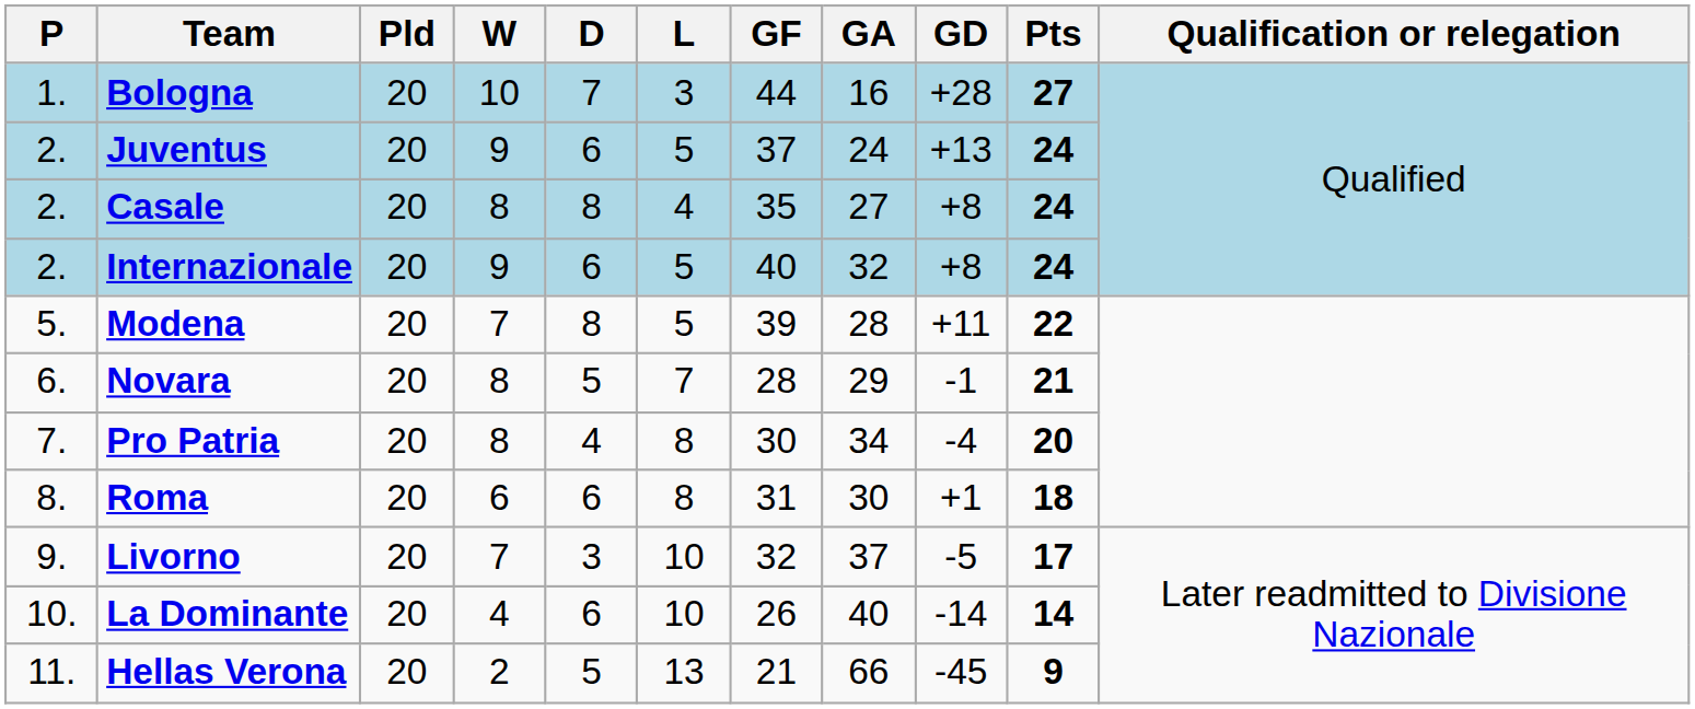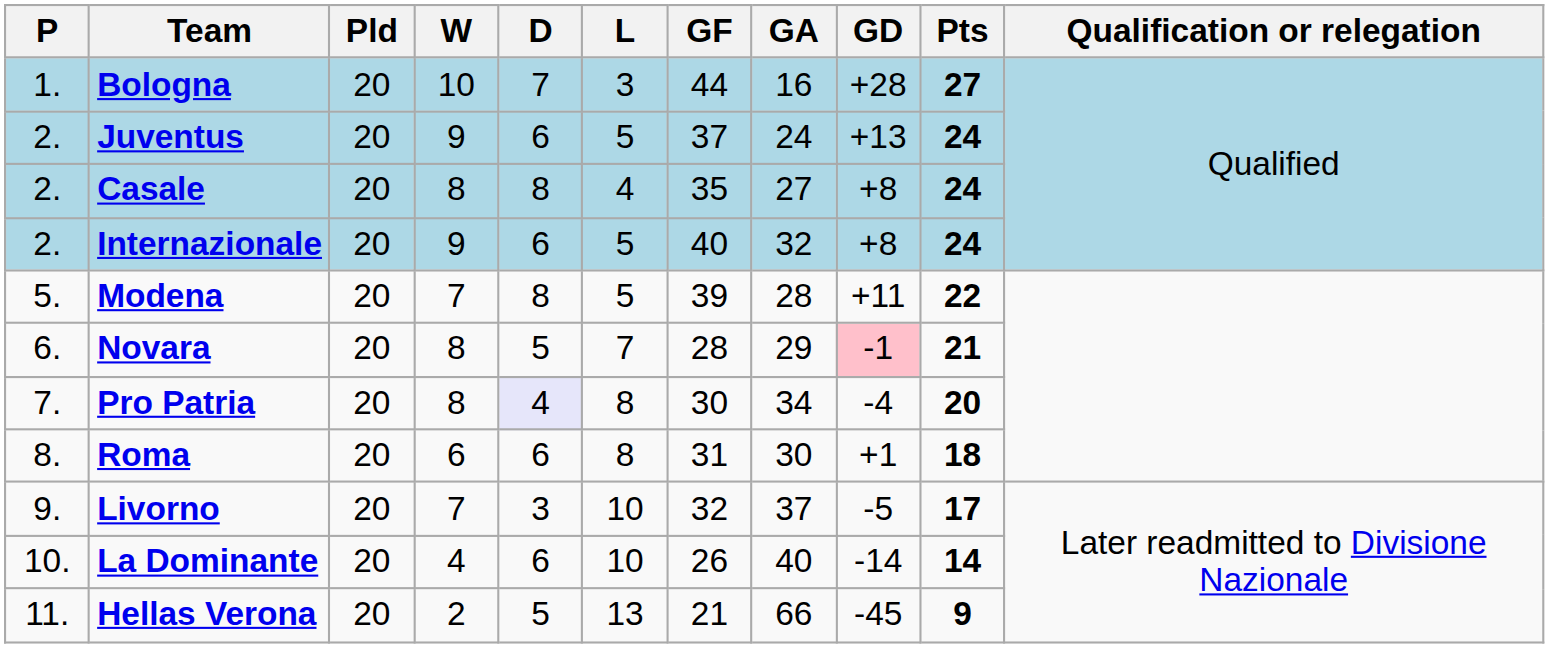 <table class="wikitable sortable" style="text-align: center;">
 <tr>
 <th width=33>P<br></th>
 <th>Team<br></th>
 <th width=33>Pld<br></th>
 <th width=33>W<br></th>
 <th width=33>D<br></th>
 <th width=33>L<br></th>
 <th width=33>GF<br></th>
 <th width=33>GA<br></th>
 <th width=33>GD<br></th>
 <th width=33>Pts<br></th>
 <th class="unsortable" width=250>Qualification or relegation<br></th>
 </tr>
 <tr style="background: lightblue;">
 <td>1.</td>
 <td align="left"><strong><a href='#'>Bologna</a></strong></td>
 <td>20</td>
 <td>10</td>
 <td>7</td>
 <td>3</td>
 <td>44</td>
 <td>16</td>
 <td>+28</td>
 <td><strong>27</strong></td>
 <td rowspan="4">Qualified</td>
 </tr>
 <tr style="background: lightblue;">
 <td>2.</td>
 <td align="left"><strong><a href='#'>Juventus</a></strong></td>
 <td>20</td>
 <td>9</td>
 <td>6</td>
 <td>5</td>
 <td>37</td>
 <td>24</td>
 <td>+13</td>
 <td><strong>24</strong></td>
 </tr>
 <tr style="background: lightblue;">
 <td>2.</td>
 <td align="left"><strong><a href='#'>Casale</a></strong></td>
 <td>20</td>
 <td>8</td>
 <td>8</td>
 <td>4</td>
 <td>35</td>
 <td>27</td>
 <td>+8</td>
 <td><strong>24</strong></td>
 </tr>
 <tr style="background: lightblue;">
 <td>2.</td>
 <td align="left"><strong><a href='#'>Internazionale</a></strong></td>
 <td>20</td>
 <td>9</td>
 <td>6</td>
 <td>5</td>
 <td>40</td>
 <td>32</td>
 <td>+8</td>
 <td><strong>24</strong></td>
 </tr>
 <tr>
 <td>5.</td>
 <td align="left"><strong><a href='#'>Modena</a></strong></td>
 <td>20</td>
 <td>7</td>
 <td>8</td>
 <td>5</td>
 <td>39</td>
 <td>28</td>
 <td>+11</td>
 <td><strong>22</strong></td>
 </tr>
 <tr>
 <td>6.</td>
 <td align="left"><strong><a href='#'>Novara</a></strong></td>
 <td>20</td>
 <td>8</td>
 <td>5</td>
 <td>7</td>
 <td>28</td>
 <td>29</td>
-<td>-1</td>
+<td style="background: pink;">-1</td>
 <td><strong>21</strong></td>
 </tr>
 <tr>
 <td>7.</td>
 <td align="left"><strong><a href='#'>Pro Patria</a></strong></td>
 <td>20</td>
 <td>8</td>
-<td>4</td>
+<td style="background: lavender;">4</td>
 <td>8</td>
 <td>30</td>
 <td>34</td>
 <td>-4</td>
 <td><strong>20</strong></td>
 </tr>
 <tr>
 <td>8.</td>
 <td align="left"><strong><a href='#'>Roma</a></strong></td>
 <td>20</td>
 <td>6</td>
 <td>6</td>
 <td>8</td>
 <td>31</td>
 <td>30</td>
 <td>+1</td>
 <td><strong>18</strong></td>
 </tr>
 <tr>
 <td>9.</td>
 <td align="left"><strong><a href='#'>Livorno</a></strong></td>
 <td>20</td>
 <td>7</td>
 <td>3</td>
 <td>10</td>
 <td>32</td>
 <td>37</td>
 <td>-5</td>
 <td><strong>17</strong></td>
 <td rowspan="3">Later readmitted to <a href='#'>Divisione Nazionale</a></td>
 </tr>
 <tr>
 <td>10.</td>
 <td align="left"><strong><a href='#'>La Dominante</a></strong></td>
 <td>20</td>
 <td>4</td>
 <td>6</td>
 <td>10</td>
 <td>26</td>
 <td>40</td>
 <td>-14</td>
 <td><strong>14</strong></td>
 </tr>
 <tr>
 <td>11.</td>
 <td align="left"><strong><a href='#'>Hellas Verona</a></strong></td>
 <td>20</td>
 <td>2</td>
 <td>5</td>
 <td>13</td>
 <td>21</td>
 <td>66</td>
 <td>-45</td>
 <td><strong>9</strong></td>
 </tr>
 </table>
